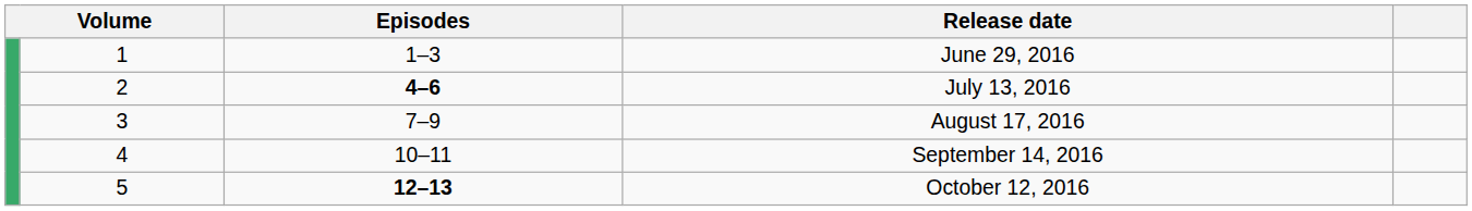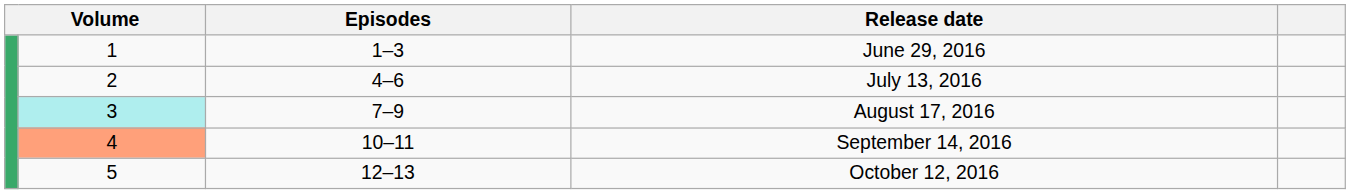 <table class="wikitable" style="text-align:center; width: 70%;">
 <tr>
 <th colspan="2" width="15%">Volume</th>
 <th>Episodes</th>
 <th>Release date</th>
 <th width="5%"></th>
 </tr>
 <tr>
 <td rowspan="5" width="1%" style="background: #38A969"></td>
 <td>1</td>
 <td>1–3</td>
 <td>June 29, 2016</td>
 <td></td>
 </tr>
 <tr>
 <td>2</td>
-<td><strong>4–6</strong></td>
+<td>4–6</td>
 <td>July 13, 2016</td>
 <td></td>
 </tr>
 <tr>
-<td>3</td>
+<td style="background: paleturquoise;">3</td>
 <td>7–9</td>
 <td>August 17, 2016</td>
 <td></td>
 </tr>
 <tr>
-<td>4</td>
+<td style="background: lightsalmon;">4</td>
 <td>10–11</td>
 <td>September 14, 2016</td>
 <td></td>
 </tr>
 <tr>
 <td>5</td>
-<td><strong>12–13</strong></td>
+<td>12–13</td>
 <td>October 12, 2016</td>
 <td></td>
 </tr>
 </table>
